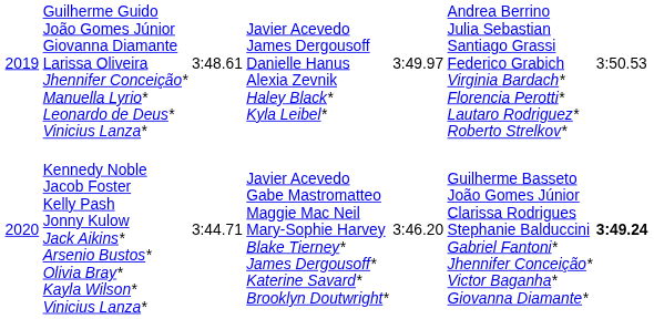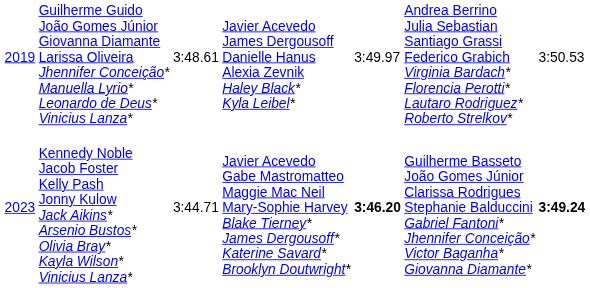 <table>
 <tr>
 <td align=center><a href='#'>2019</a></td>
 <td><br><a href='#'>Guilherme Guido</a><br><a href='#'>João Gomes Júnior</a><br><a href='#'>Giovanna Diamante</a><br><a href='#'>Larissa Oliveira</a><br><em><a href='#'>Jhennifer Conceição</a>*</em><br><em><a href='#'>Manuella Lyrio</a>*</em><br><em><a href='#'>Leonardo de Deus</a>*</em><br><em><a href='#'>Vinicius Lanza</a>*</em></td>
 <td>3:48.61</td>
 <td><br><a href='#'>Javier Acevedo</a><br><a href='#'>James Dergousoff</a><br><a href='#'>Danielle Hanus</a><br><a href='#'>Alexia Zevnik</a><br><em><a href='#'>Haley Black</a>*</em><br><em><a href='#'>Kyla Leibel</a>*</em></td>
 <td>3:49.97</td>
 <td><br><a href='#'>Andrea Berrino</a><br><a href='#'>Julia Sebastian</a><br><a href='#'>Santiago Grassi</a><br><a href='#'>Federico Grabich</a><br><em><a href='#'>Virginia Bardach</a>*</em><br><em><a href='#'>Florencia Perotti</a>*</em><br><em><a href='#'>Lautaro Rodriguez</a>*</em><br><em><a href='#'>Roberto Strelkov</a>*</em></td>
 <td>3:50.53</td>
 </tr>
 <tr>
-<td align=center><a href='#'>2020</a></td>
+<td align=center><a href='#'>2023</a></td>
 <td><br><a href='#'>Kennedy Noble</a><br><a href='#'>Jacob Foster</a><br><a href='#'>Kelly Pash</a><br><a href='#'>Jonny Kulow</a><br><em><a href='#'>Jack Aikins</a>*</em><br><em><a href='#'>Arsenio Bustos</a>*</em><br><em><a href='#'>Olivia Bray</a>*</em><br><em><a href='#'>Kayla Wilson</a>*</em><br><em><a href='#'>Vinicius Lanza</a>*</em></td>
 <td>3:44.71</td>
 <td><br><a href='#'>Javier Acevedo</a><br><a href='#'>Gabe Mastromatteo</a><br><a href='#'>Maggie Mac Neil</a><br><a href='#'>Mary-Sophie Harvey</a><br><em><a href='#'>Blake Tierney</a>*</em><br><em><a href='#'>James Dergousoff</a>*</em><br><em><a href='#'>Katerine Savard</a>*</em><br><em><a href='#'>Brooklyn Doutwright</a>*</em></td>
-<td>3:46.20</td>
+<td><strong>3:46.20</strong></td>
 <td><br><a href='#'>Guilherme Basseto</a><br><a href='#'>João Gomes Júnior</a><br><a href='#'>Clarissa Rodrigues</a><br><a href='#'>Stephanie Balduccini</a><br><em><a href='#'>Gabriel Fantoni</a>*</em><br><em><a href='#'>Jhennifer Conceição</a>*</em><br><em><a href='#'>Victor Baganha</a>*</em><br><em><a href='#'>Giovanna Diamante</a>*</em></td>
 <td><strong>3:49.24</strong></td>
 </tr>
 </table>
